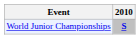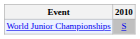 <table class="wikitable" style="font-size: 90%; text-align:center">
 <tr>
 <th>Event</th>
 <th>2010</th>
 </tr>
 <tr>
 <td bgcolor="#ECF2FF"; align="left"><a href='#'>World Junior Championships</a></td>
-<td bgcolor=silver><strong><a href='#'>S</a></strong></td>
+<td bgcolor=silver><a href='#'>S</a></td>
 </tr>
 </table>
